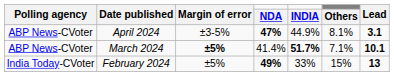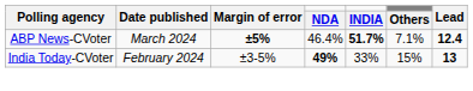 <table class="wikitable sortable" style="text-align:center;font-size:95%;line-height:16px">
 <tr>
 <th rowspan="2">Polling agency</th>
 <th rowspan="2">Date published</th>
 <th rowspan="2">Margin of error</th>
 <td></td>
 <td></td>
 <td bgcolor="grey"></td>
 <th rowspan="2">Lead</th>
 </tr>
 <tr>
 <th><a href='#'>NDA</a></th>
 <th><a href='#'>INDIA</a></th>
 <th>Others</th>
 </tr>
 <tr>
 <td><a href='#'>ABP News</a>-CVoter</td>
-<td><em>April 2024</em></td>
-<td>±3-5%</td>
-<td><strong>47%</strong></td>
-<td>44.9%</td>
-<td>8.1%</td>
-<td bgcolor=><strong>3.1</strong></td>
-</tr>
-<tr>
-<td><a href='#'>ABP News</a>-CVoter</td>
 <td><em>March 2024</em></td>
 <td><strong>±5%</strong></td>
-<td>41.4%</td>
+<td>46.4%</td>
 <td><strong>51.7%</strong></td>
 <td>7.1%</td>
-<td bgcolor=><strong>10.1</strong></td>
+<td bgcolor=><strong>12.4</strong></td>
 </tr>
 <tr>
 <td><a href='#'>India Today</a>-CVoter</td>
 <td><em>February 2024</em></td>
-<td>±5%</td>
+<td>±3-5%</td>
 <td><strong>49%</strong></td>
 <td>33%</td>
 <td>15%</td>
 <td><strong>13</strong></td>
 </tr>
 </table>
